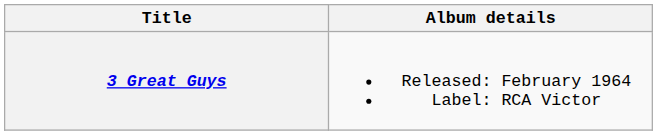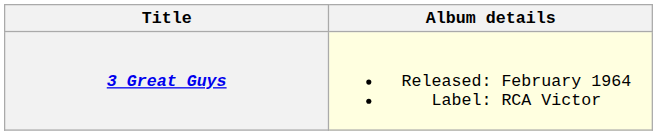 <table class="wikitable plainrowheaders" style="text-align:center;">
 <tr>
 <th scope="col" style="width:19em;">Title</th>
 <th scope="col" style="width:19em;">Album details</th>
 </tr>
 <tr>
 <th scope="row"><em><a href='#'>3 Great Guys</a></em></th>
-<td><br><ul><li>Released: February 1964</li><li>Label: RCA Victor</li></ul></td>
+<td style="background: lightyellow;"><br><ul><li>Released: February 1964</li><li>Label: RCA Victor</li></ul></td>
 </tr>
 </table>
